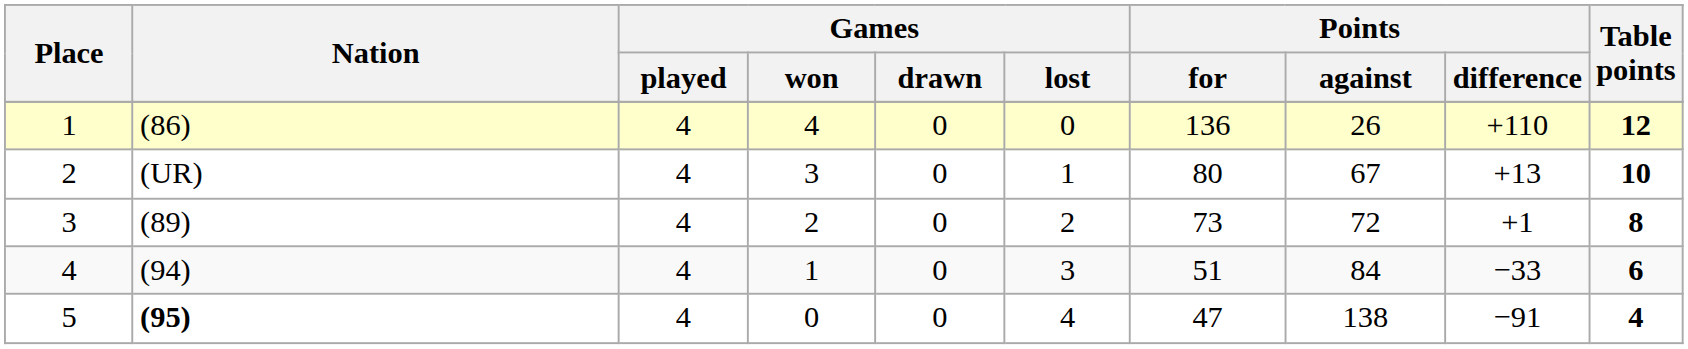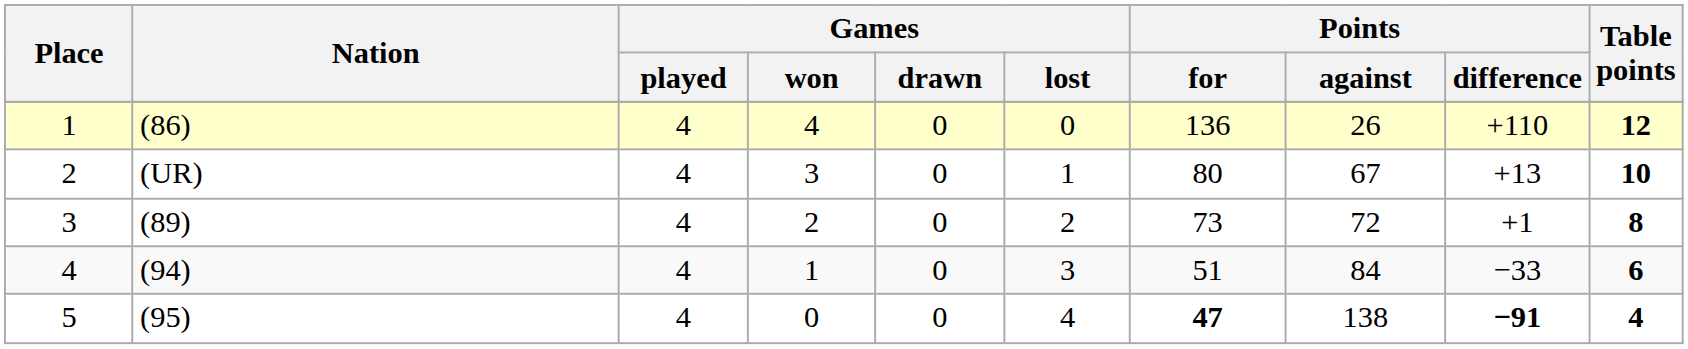 <table class="wikitable" width="100%">
 <tr>
 <th rowspan=2 width="8%">Place</th>
 <th rowspan=2 width="32%">Nation</th>
 <th colspan=4 width="20%">Games</th>
 <th colspan=3 width="30%">Points</th>
 <th rowspan=2 width="10%">Table<br>points</th>
 </tr>
 <tr>
 <th width="8%">played</th>
 <th width="8%">won</th>
 <th width="8%">drawn</th>
 <th width="8%">lost</th>
 <th width="10%">for</th>
 <th width="10%">against</th>
 <th width="10%">difference</th>
 </tr>
 <tr>
 </tr>
 <tr bgcolor=#ffffcc align=center>
 <td>1</td>
 <td align=left> (86)</td>
 <td>4</td>
 <td>4</td>
 <td>0</td>
 <td>0</td>
 <td>136</td>
 <td>26</td>
 <td>+110</td>
 <td><strong>12</strong></td>
 </tr>
 <tr bgcolor=#ffffff align=center>
 <td>2</td>
 <td align=left> (UR)</td>
 <td>4</td>
 <td>3</td>
 <td>0</td>
 <td>1</td>
 <td>80</td>
 <td>67</td>
 <td>+13</td>
 <td><strong>10</strong></td>
 </tr>
 <tr bgcolor=#ffffff align=center>
 <td>3</td>
 <td align=left> (89)</td>
 <td>4</td>
 <td>2</td>
 <td>0</td>
 <td>2</td>
 <td>73</td>
 <td>72</td>
 <td>+1</td>
 <td><strong>8</strong></td>
 </tr>
 <tr align=center>
 <td>4</td>
 <td align=left> (94)</td>
 <td>4</td>
 <td>1</td>
 <td>0</td>
 <td>3</td>
 <td>51</td>
 <td>84</td>
 <td>−33</td>
 <td><strong>6</strong></td>
 </tr>
 <tr bgcolor=#ffffff align=center>
 <td>5</td>
-<td align=left><strong> (95)</strong></td>
+<td align=left> (95)</td>
 <td>4</td>
 <td>0</td>
 <td>0</td>
 <td>4</td>
-<td>47</td>
+<td><strong>47</strong></td>
 <td>138</td>
-<td>−91</td>
+<td><strong>−91</strong></td>
 <td><strong>4</strong></td>
 </tr>
 </table>
